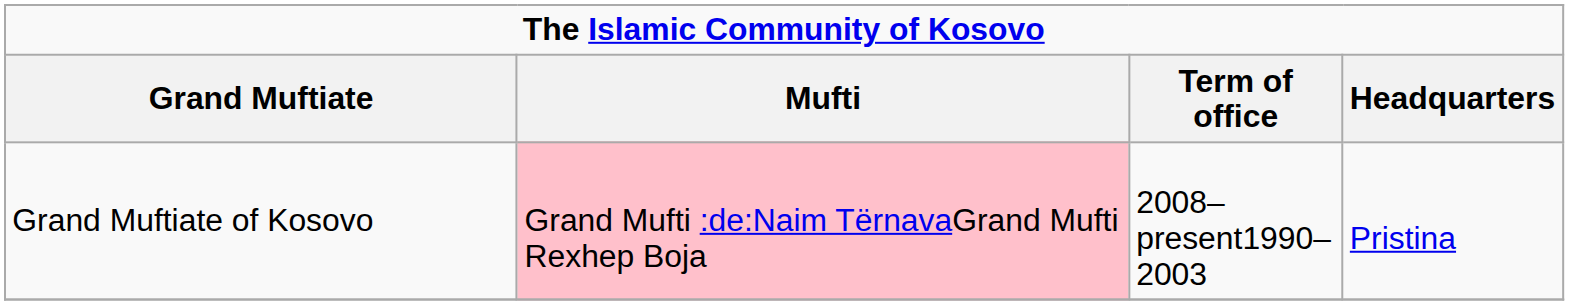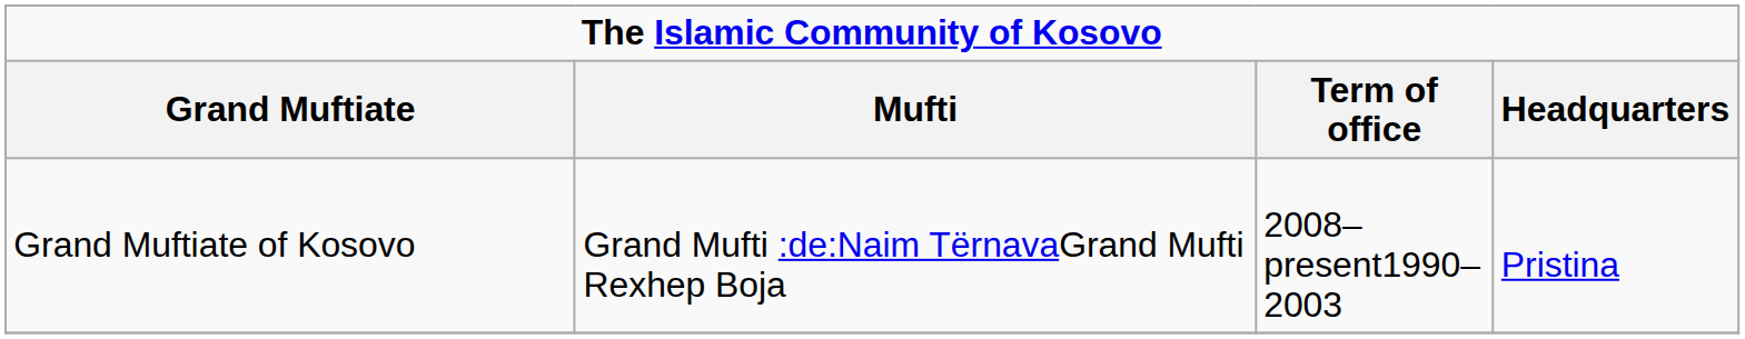 <table class=wikitable>
 <tr>
 <td colspan=4 align=center><strong>The <a href='#'>Islamic Community of Kosovo</a></strong></td>
 </tr>
 <tr>
 <th scope="row" width="250">Grand Muftiate</th>
 <th scope="row" width="300">Mufti</th>
 <th scope="row" width="100">Term of office</th>
 <th scope="row" width="100">Headquarters</th>
 </tr>
 <tr>
 <td>Grand Muftiate of Kosovo</td>
-<td style="background: pink;"><br>Grand Mufti <a href='#'>:de:Naim Tërnava</a>Grand Mufti Rexhep Boja</td>
+<td><br>Grand Mufti <a href='#'>:de:Naim Tërnava</a>Grand Mufti Rexhep Boja</td>
 <td><br>2008–present1990–2003</td>
 <td><br><a href='#'>Pristina</a></td>
 </tr>
 <tr>
 </tr>
 </table>
